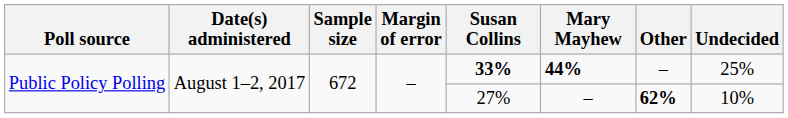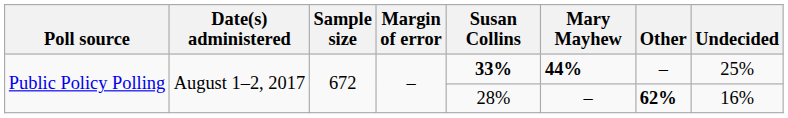 <table class="wikitable">
 <tr valign=bottom>
 <th>Poll source</th>
 <th>Date(s)<br>administered</th>
 <th>Sample<br>size</th>
 <th>Margin<br>of error</th>
 <th style="width:75px;">Susan<br>Collins</th>
 <th style="width:75px;">Mary<br>Mayhew</th>
 <th>Other</th>
 <th>Undecided</th>
 </tr>
 <tr>
 <td rowspan=2><a href='#'>Public Policy Polling</a></td>
 <td align=center rowspan=2>August 1–2, 2017</td>
 <td align=center rowspan=2>672</td>
 <td align=center rowspan=2>–</td>
 <td align=center><strong>33%</strong></td>
 <td><strong>44%</strong></td>
 <td align=center>–</td>
 <td align=center>25%</td>
 </tr>
 <tr>
-<td align=center>27%</td>
+<td align=center>28%</td>
 <td align=center>–</td>
 <td><strong>62%</strong></td>
-<td align=center>10%</td>
+<td align=center>16%</td>
 </tr>
 </table>
